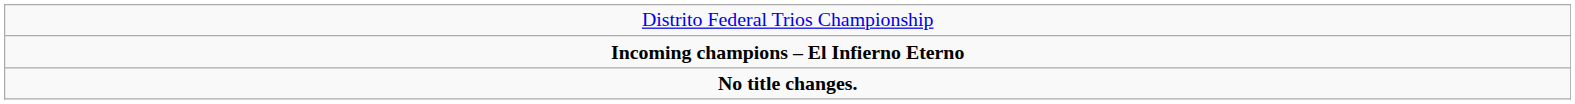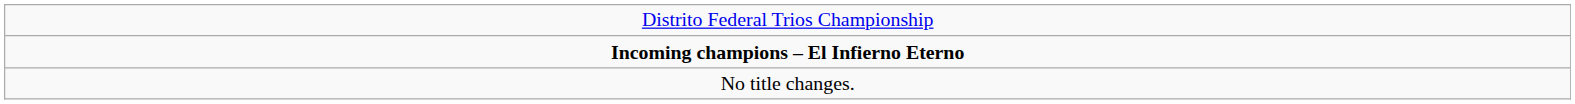 <table class="wikitable" style="text-align:center; width:100%;">
 <tr>
 <td style="text-align: center;"><a href='#'>Distrito Federal Trios Championship</a></td>
 </tr>
 <tr>
 <td style="text-align: center;"><strong>Incoming champions – El Infierno Eterno </strong></td>
 </tr>
 <tr>
-<td><strong>No title changes.</strong></td>
+<td>No title changes.</td>
 </tr>
 </table>
